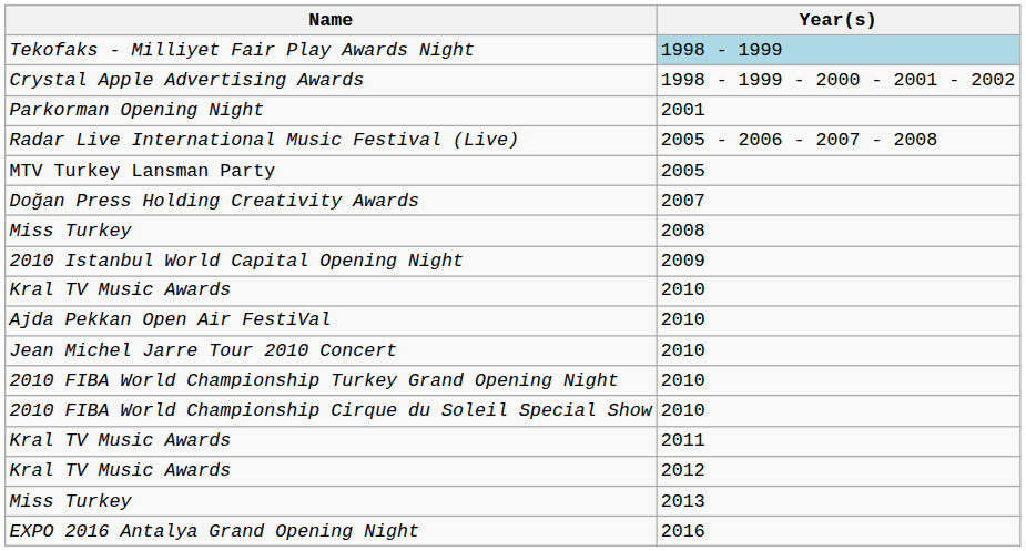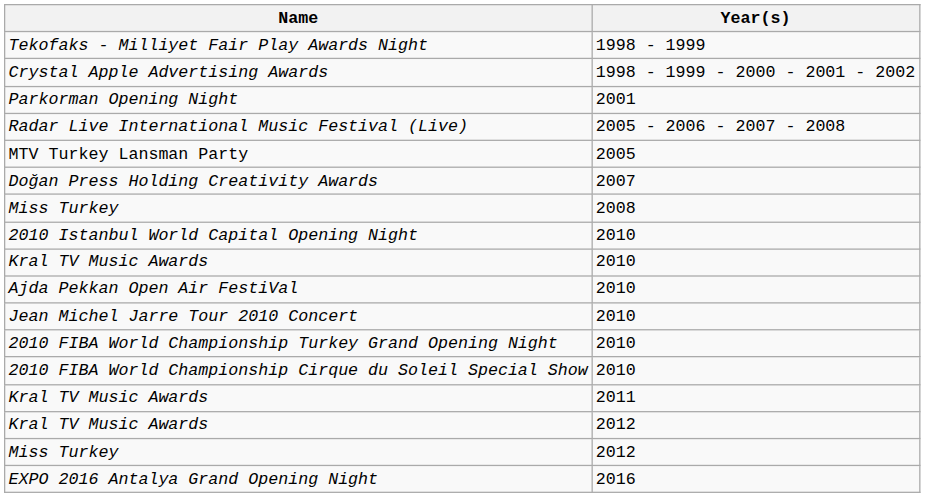 <table class="wikitable sortable mw-collapsible">
 <tr>
 <th>Name</th>
 <th>Year(s)</th>
 </tr>
 <tr>
 <td><em>Tekofaks - Milliyet Fair Play Awards Night</em></td>
-<td style="background: lightblue;">1998 - 1999</td>
+<td>1998 - 1999</td>
 </tr>
 <tr>
 <td><em>Crystal Apple Advertising Awards</em></td>
 <td>1998 - 1999 - 2000 - 2001 - 2002</td>
 </tr>
 <tr>
 <td><em>Parkorman Opening Night</em></td>
 <td>2001</td>
 </tr>
 <tr>
 <td><em>Radar Live International Music Festival (Live)</em></td>
 <td>2005 - 2006 - 2007 - 2008</td>
 </tr>
 <tr>
 <td>MTV Turkey Lansman Party</td>
 <td>2005</td>
 </tr>
 <tr>
 <td><em>Doğan Press Holding Creativity Awards</em></td>
 <td>2007</td>
 </tr>
 <tr>
 <td><em>Miss Turkey</em></td>
 <td>2008</td>
 </tr>
 <tr>
 <td><em>2010 Istanbul World Capital Opening Night</em></td>
-<td>2009</td>
+<td>2010</td>
 </tr>
 <tr>
 <td><em>Kral TV Music Awards</em></td>
 <td>2010</td>
 </tr>
 <tr>
 <td><em>Ajda Pekkan Open Air FestiVal</em></td>
 <td>2010</td>
 </tr>
 <tr>
 <td><em>Jean Michel Jarre Tour 2010 Concert</em></td>
 <td>2010</td>
 </tr>
 <tr>
 <td><em>2010 FIBA World Championship Turkey Grand Opening Night</em></td>
 <td>2010</td>
 </tr>
 <tr>
 <td><em>2010 FIBA World Championship Cirque du Soleil Special Show</em></td>
 <td>2010</td>
 </tr>
 <tr>
 <td><em>Kral TV Music Awards</em></td>
 <td>2011</td>
 </tr>
 <tr>
 <td><em>Kral TV Music Awards</em></td>
 <td>2012</td>
 </tr>
 <tr>
 <td><em>Miss Turkey</em></td>
-<td>2013</td>
+<td>2012</td>
 </tr>
 <tr>
 <td><em>EXPO 2016 Antalya Grand Opening Night</em></td>
 <td>2016</td>
 </tr>
 </table>
